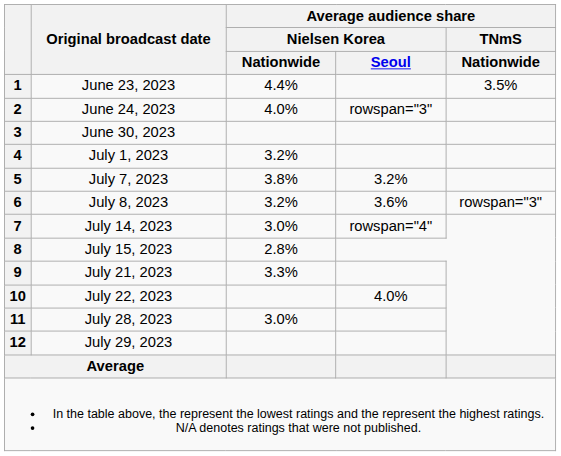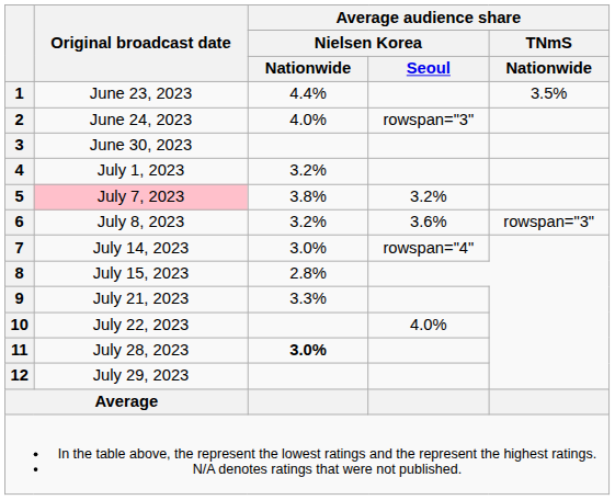 <table class="wikitable" style="margin-left:auto; margin-right:auto; width:600px; text-align:center">
 <tr>
 <th scope="col" rowspan="3"></th>
 <th scope="col" rowspan="3">Original broadcast date</th>
 <th scope="col" colspan="3">Average audience share</th>
 </tr>
 <tr>
 <th scope="col" colspan="2">Nielsen Korea</th>
 <th scope="col">TNmS</th>
 </tr>
 <tr>
 <th scope="col" style="width:7em">Nationwide</th>
 <th scope="col" style="width:7em"><a href='#'>Seoul</a></th>
 <th scope="col" style="width:7em">Nationwide</th>
 </tr>
 <tr>
 <th scope="col">1</th>
 <td>June 23, 2023</td>
 <td>4.4% </td>
 <td><strong></strong> </td>
 <td>3.5% </td>
 </tr>
 <tr>
 <th scope="col">2</th>
 <td>June 24, 2023</td>
 <td>4.0% </td>
 <td>rowspan="3" </td>
 <td></td>
 </tr>
 <tr>
 <th scope="col">3</th>
 <td>June 30, 2023</td>
 <td><strong></strong> </td>
 <td><strong></strong> </td>
 <td><strong></strong> </td>
 </tr>
 <tr>
 <th scope="col">4</th>
 <td>July 1, 2023</td>
 <td>3.2% </td>
 <td><strong></strong> </td>
 <td></td>
 </tr>
 <tr>
 <th scope="col">5</th>
-<td>July 7, 2023</td>
+<td style="background: pink;">July 7, 2023</td>
 <td>3.8% </td>
 <td>3.2% </td>
 <td><strong></strong> </td>
 </tr>
 <tr>
 <th scope="col">6</th>
 <td>July 8, 2023</td>
 <td>3.2% </td>
 <td>3.6% </td>
 <td>rowspan="3" </td>
 </tr>
 <tr>
 <th scope="col">7</th>
 <td>July 14, 2023</td>
 <td>3.0% </td>
 <td>rowspan="4" </td>
 </tr>
 <tr>
 <th scope="col">8</th>
 <td>July 15, 2023</td>
 <td>2.8% </td>
 </tr>
 <tr>
 <th scope="col">9</th>
 <td>July 21, 2023</td>
 <td>3.3% </td>
 <td><strong></strong> </td>
 </tr>
 <tr>
 <th scope="col">10</th>
 <td>July 22, 2023</td>
 <td><strong></strong> </td>
 <td>4.0% </td>
 </tr>
 <tr>
 <th scope="col">11</th>
 <td>July 28, 2023</td>
-<td>3.0% </td>
+<td><strong>3.0% </strong></td>
 <td><strong></strong> </td>
 </tr>
 <tr>
 <th scope="col">12</th>
 <td>July 29, 2023</td>
 <td><strong></strong> </td>
 <td></td>
 </tr>
 <tr>
 <th scope="col" colspan="2">Average</th>
 <th scope="col"></th>
 <th scope="col"></th>
 <th scope="col"></th>
 </tr>
 <tr>
 <td colspan="5" style="font-size:85%"><br><ul><li>In the table above, the <strong></strong> represent the lowest ratings and the <strong></strong> represent the highest ratings.</li><li>N/A denotes ratings that were not published.</li></ul></td>
 </tr>
 </table>
